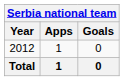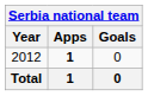 <table class="wikitable" style="text-align:center">
 <tr>
 <th colspan=3><a href='#'>Serbia national team</a></th>
 </tr>
 <tr>
 <th>Year</th>
 <th>Apps</th>
 <th>Goals</th>
 </tr>
 <tr>
 <td>2012</td>
-<td>1</td>
+<td><strong>1</strong></td>
 <td>0</td>
 </tr>
 <tr>
 <th>Total</th>
 <th>1</th>
 <th>0</th>
 </tr>
 </table>
